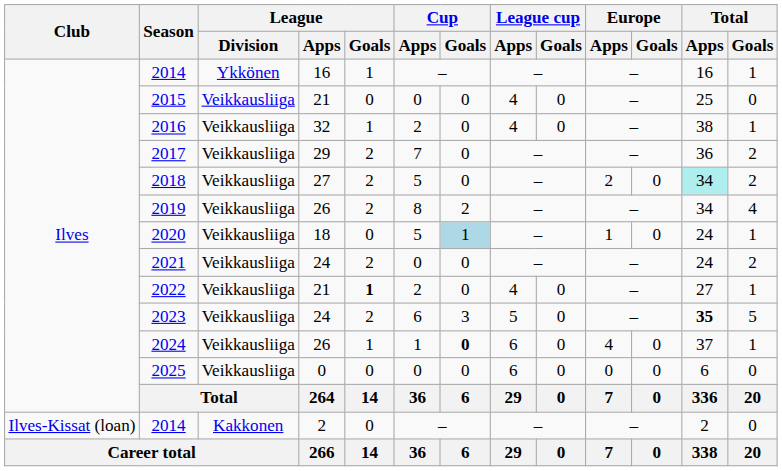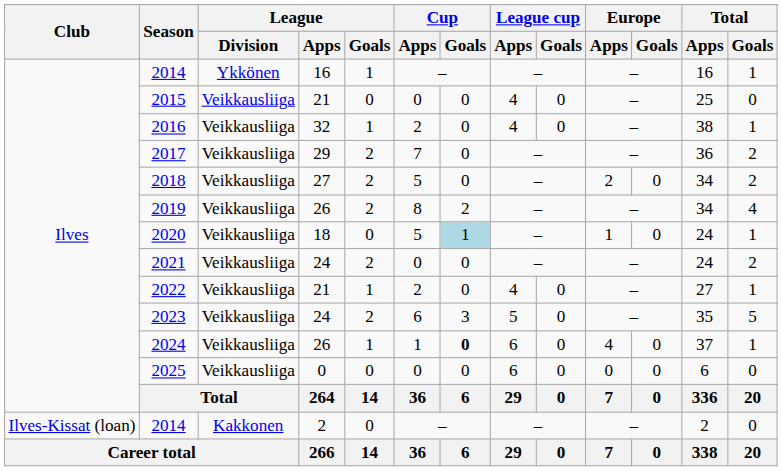 <table class="wikitable" style="text-align:center">
 <tr>
 <th rowspan="2">Club</th>
 <th rowspan="2">Season</th>
 <th colspan="3">League</th>
 <th colspan="2"><a href='#'>Cup</a></th>
 <th colspan="2"><a href='#'>League cup</a></th>
 <th colspan="2">Europe</th>
 <th colspan="2">Total</th>
 </tr>
 <tr>
 <th>Division</th>
 <th>Apps</th>
 <th>Goals</th>
 <th>Apps</th>
 <th>Goals</th>
 <th>Apps</th>
 <th>Goals</th>
 <th>Apps</th>
 <th>Goals</th>
 <th>Apps</th>
 <th>Goals</th>
 </tr>
 <tr>
 <td rowspan="13"><a href='#'>Ilves</a></td>
 <td><a href='#'>2014</a></td>
 <td><a href='#'>Ykkönen</a></td>
 <td>16</td>
 <td>1</td>
 <td colspan="2">–</td>
 <td colspan="2">–</td>
 <td colspan="2">–</td>
 <td>16</td>
 <td>1</td>
 </tr>
 <tr>
 <td><a href='#'>2015</a></td>
 <td><a href='#'>Veikkausliiga</a></td>
 <td>21</td>
 <td>0</td>
 <td>0</td>
 <td>0</td>
 <td>4</td>
 <td>0</td>
 <td colspan="2">–</td>
 <td>25</td>
 <td>0</td>
 </tr>
 <tr>
 <td><a href='#'>2016</a></td>
 <td>Veikkausliiga</td>
 <td>32</td>
 <td>1</td>
 <td>2</td>
 <td>0</td>
 <td>4</td>
 <td>0</td>
 <td colspan="2">–</td>
 <td>38</td>
 <td>1</td>
 </tr>
 <tr>
 <td><a href='#'>2017</a></td>
 <td>Veikkausliiga</td>
 <td>29</td>
 <td>2</td>
 <td>7</td>
 <td>0</td>
 <td colspan="2">–</td>
 <td colspan="2">–</td>
 <td>36</td>
 <td>2</td>
 </tr>
 <tr>
 <td><a href='#'>2018</a></td>
 <td>Veikkausliiga</td>
 <td>27</td>
 <td>2</td>
 <td>5</td>
 <td>0</td>
 <td colspan="2">–</td>
 <td>2</td>
 <td>0</td>
-<td style="background: paleturquoise;">34</td>
+<td>34</td>
 <td>2</td>
 </tr>
 <tr>
 <td><a href='#'>2019</a></td>
 <td>Veikkausliiga</td>
 <td>26</td>
 <td>2</td>
 <td>8</td>
 <td>2</td>
 <td colspan="2">–</td>
 <td colspan="2">–</td>
 <td>34</td>
 <td>4</td>
 </tr>
 <tr>
 <td><a href='#'>2020</a></td>
 <td>Veikkausliiga</td>
 <td>18</td>
 <td>0</td>
 <td>5</td>
 <td style="background: lightblue;">1</td>
 <td colspan="2">–</td>
 <td>1</td>
 <td>0</td>
 <td>24</td>
 <td>1</td>
 </tr>
 <tr>
 <td><a href='#'>2021</a></td>
 <td>Veikkausliiga</td>
 <td>24</td>
 <td>2</td>
 <td>0</td>
 <td>0</td>
 <td colspan="2">–</td>
 <td colspan="2">–</td>
 <td>24</td>
 <td>2</td>
 </tr>
 <tr>
 <td><a href='#'>2022</a></td>
 <td>Veikkausliiga</td>
 <td>21</td>
-<td><strong>1</strong></td>
+<td>1</td>
 <td>2</td>
 <td>0</td>
 <td>4</td>
 <td>0</td>
 <td colspan="2">–</td>
 <td>27</td>
 <td>1</td>
 </tr>
 <tr>
 <td><a href='#'>2023</a></td>
 <td>Veikkausliiga</td>
 <td>24</td>
 <td>2</td>
 <td>6</td>
 <td>3</td>
 <td>5</td>
 <td>0</td>
 <td colspan="2">–</td>
-<td><strong>35</strong></td>
+<td>35</td>
 <td>5</td>
 </tr>
 <tr>
 <td><a href='#'>2024</a></td>
 <td>Veikkausliiga</td>
 <td>26</td>
 <td>1</td>
 <td>1</td>
 <td><strong>0</strong></td>
 <td>6</td>
 <td>0</td>
 <td>4</td>
 <td>0</td>
 <td>37</td>
 <td>1</td>
 </tr>
 <tr>
 <td><a href='#'>2025</a></td>
 <td>Veikkausliiga</td>
 <td>0</td>
 <td>0</td>
 <td>0</td>
 <td>0</td>
 <td>6</td>
 <td>0</td>
 <td>0</td>
 <td>0</td>
 <td>6</td>
 <td>0</td>
 </tr>
 <tr>
 <th colspan="2">Total</th>
 <th>264</th>
 <th>14</th>
 <th>36</th>
 <th>6</th>
 <th>29</th>
 <th>0</th>
 <th>7</th>
 <th>0</th>
 <th>336</th>
 <th>20</th>
 </tr>
 <tr>
 <td><a href='#'>Ilves-Kissat</a> (loan)</td>
 <td><a href='#'>2014</a></td>
 <td><a href='#'>Kakkonen</a></td>
 <td>2</td>
 <td>0</td>
 <td colspan="2">–</td>
 <td colspan="2">–</td>
 <td colspan="2">–</td>
 <td>2</td>
 <td>0</td>
 </tr>
 <tr>
 <th colspan="3">Career total</th>
 <th>266</th>
 <th>14</th>
 <th>36</th>
 <th>6</th>
 <th>29</th>
 <th>0</th>
 <th>7</th>
 <th>0</th>
 <th>338</th>
 <th>20</th>
 </tr>
 </table>
